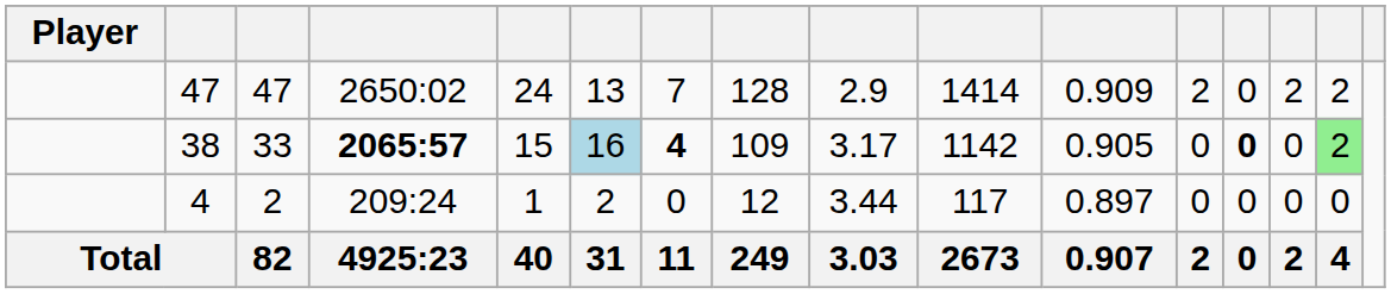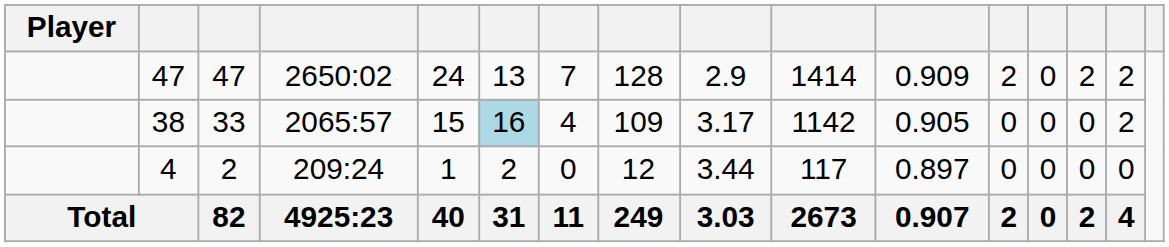 <table class="wikitable sortable" style="width:100%; text-align:center;">
 <tr>
 <th>Player</th>
 <th></th>
 <th></th>
 <th></th>
 <th></th>
 <th></th>
 <th></th>
 <th></th>
 <th></th>
 <th></th>
 <th></th>
 <th></th>
 <th></th>
 <th></th>
 <th></th>
 <th></th>
 </tr>
 <tr>
 <td></td>
 <td>47</td>
 <td>47</td>
 <td>2650:02</td>
 <td>24</td>
 <td>13</td>
 <td>7</td>
 <td>128</td>
 <td>2.9</td>
 <td>1414</td>
 <td>0.909</td>
 <td>2</td>
 <td>0</td>
 <td>2</td>
 <td>2</td>
 </tr>
 <tr>
 <td></td>
 <td>38</td>
 <td>33</td>
-<td><strong>2065:57</strong></td>
+<td>2065:57</td>
 <td>15</td>
 <td style="background: lightblue;">16</td>
-<td><strong>4</strong></td>
+<td>4</td>
 <td>109</td>
 <td>3.17</td>
 <td>1142</td>
 <td>0.905</td>
 <td>0</td>
-<td><strong>0</strong></td>
 <td>0</td>
-<td style="background: lightgreen;">2</td>
+<td>0</td>
+<td>2</td>
 </tr>
 <tr>
 <td></td>
 <td>4</td>
 <td>2</td>
 <td>209:24</td>
 <td>1</td>
 <td>2</td>
 <td>0</td>
 <td>12</td>
 <td>3.44</td>
 <td>117</td>
 <td>0.897</td>
 <td>0</td>
 <td>0</td>
 <td>0</td>
 <td>0</td>
 </tr>
 <tr class="sortbottom">
 <th colspan=2>Total</th>
 <th>82</th>
 <th>4925:23</th>
 <th>40</th>
 <th>31</th>
 <th>11</th>
 <th>249</th>
 <th>3.03</th>
 <th>2673</th>
 <th>0.907</th>
 <th>2</th>
 <th>0</th>
 <th>2</th>
 <th>4</th>
 </tr>
 </table>
